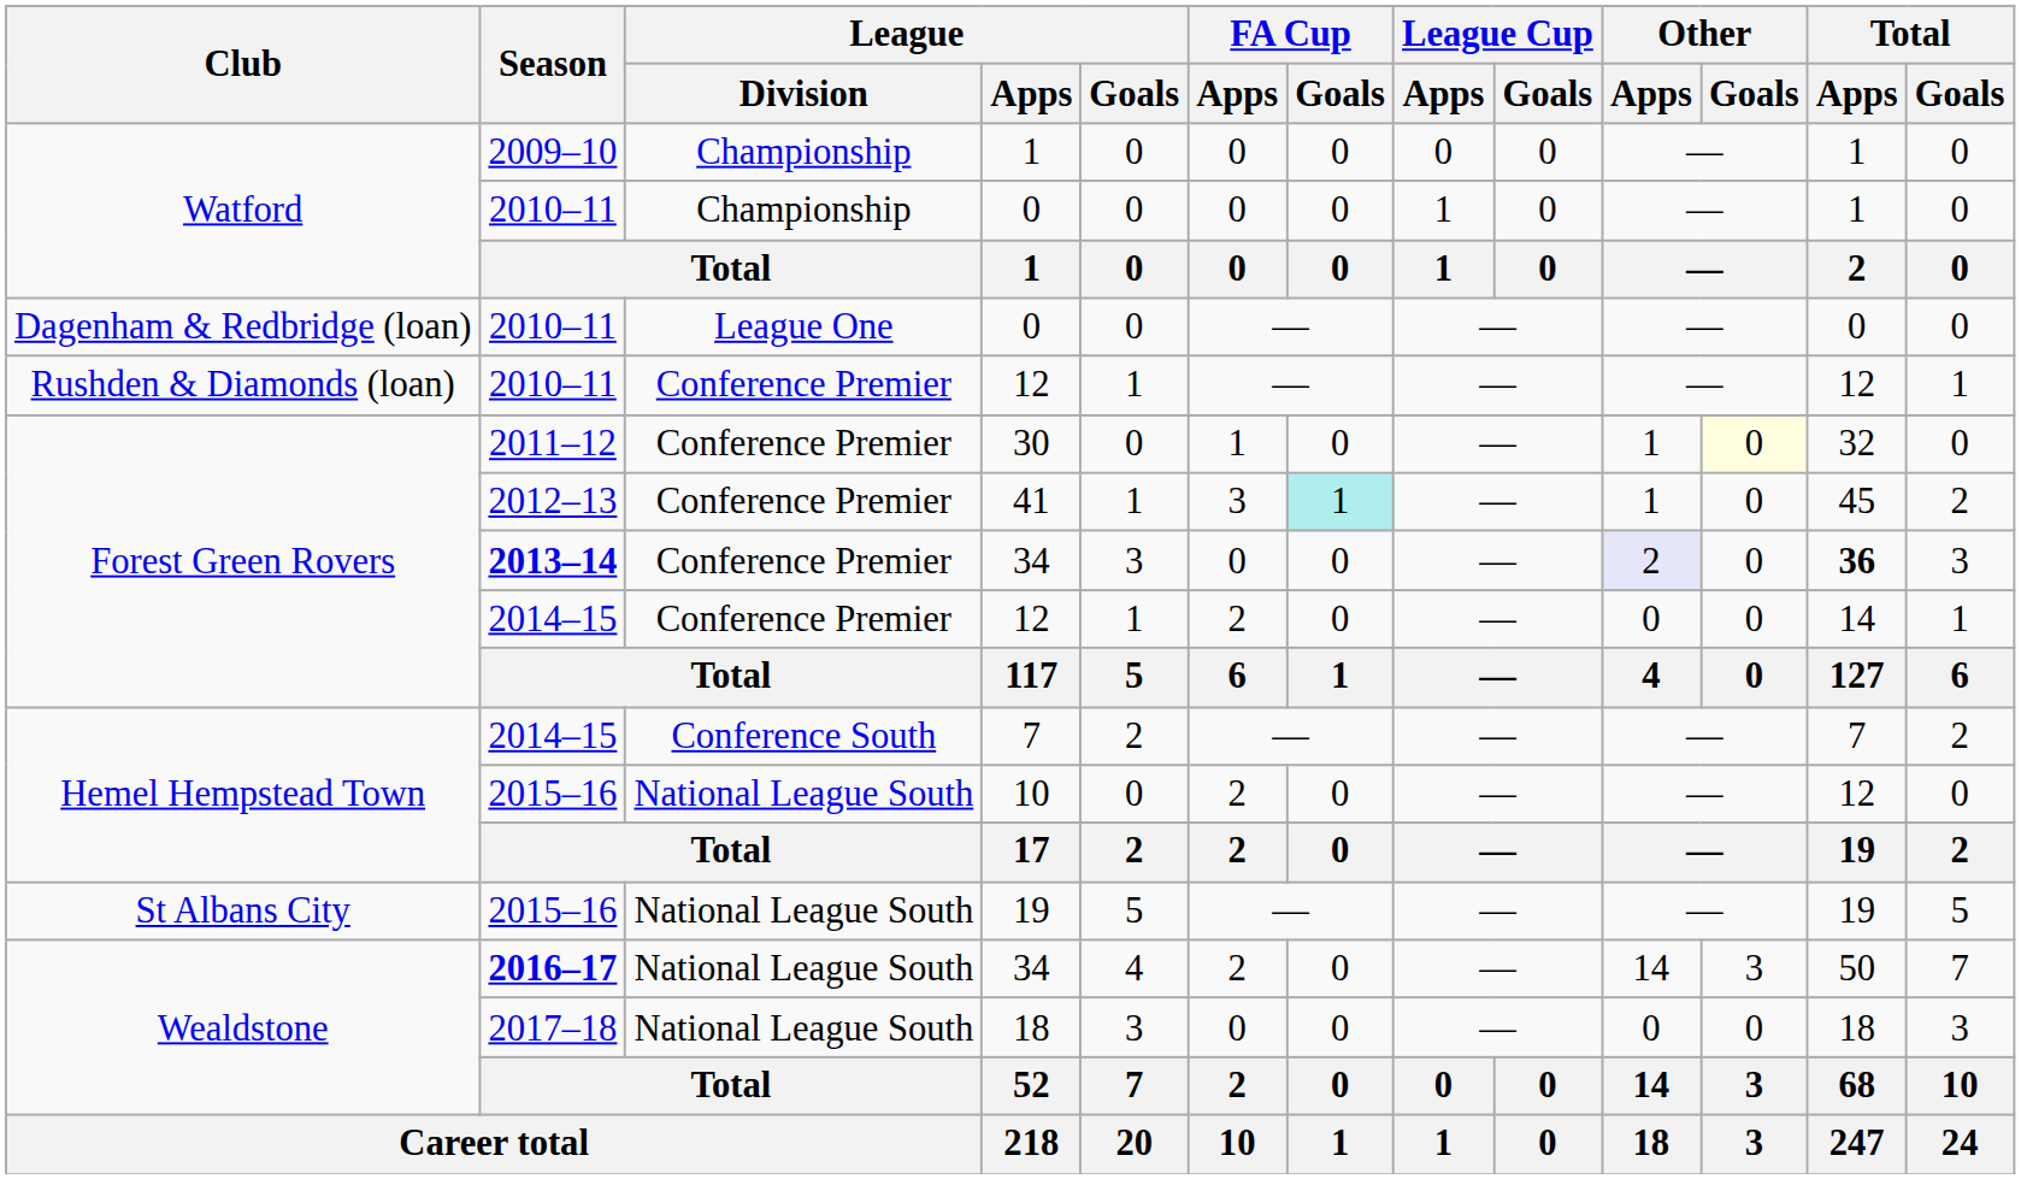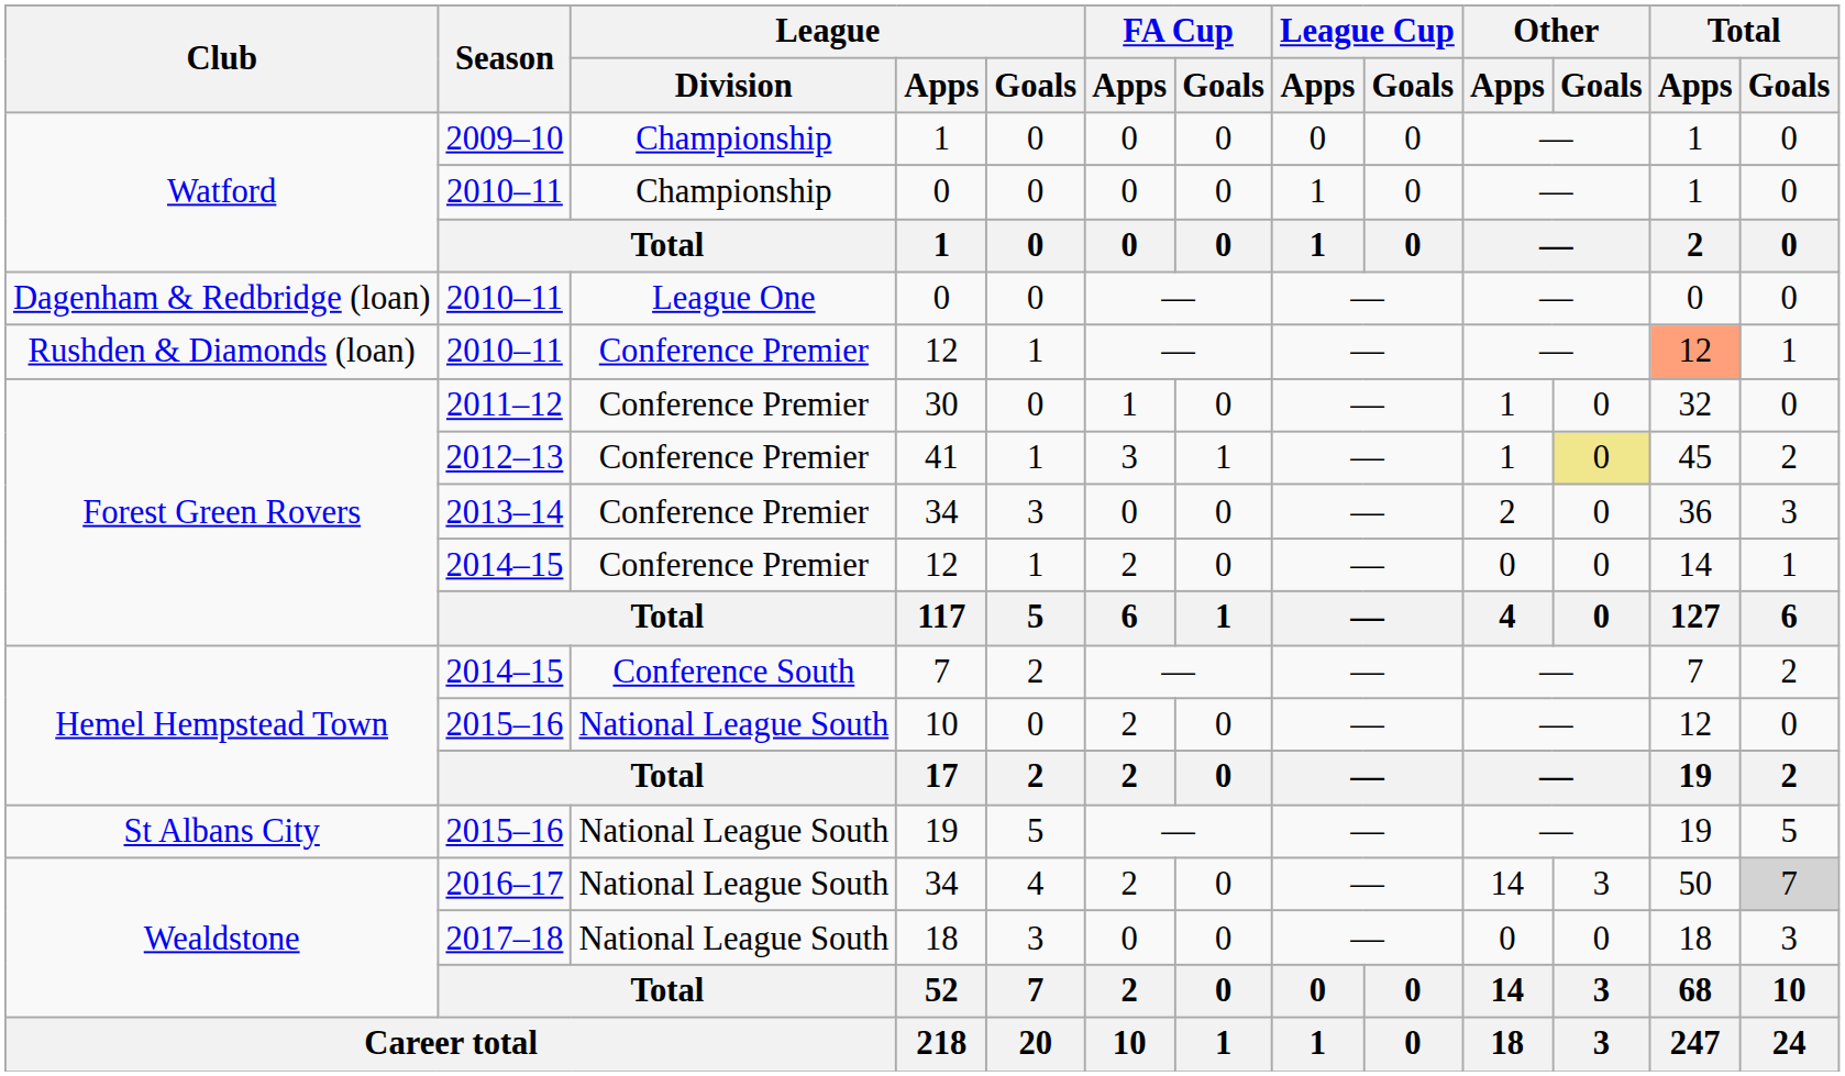 <table class="wikitable" style="text-align: center">
 <tr>
 <th rowspan="2">Club</th>
 <th rowspan="2">Season</th>
 <th colspan="3">League</th>
 <th colspan="2"><a href='#'>FA Cup</a></th>
 <th colspan="2"><a href='#'>League Cup</a></th>
 <th colspan="2">Other</th>
 <th colspan="2">Total</th>
 </tr>
 <tr>
 <th>Division</th>
 <th>Apps</th>
 <th>Goals</th>
 <th>Apps</th>
 <th>Goals</th>
 <th>Apps</th>
 <th>Goals</th>
 <th>Apps</th>
 <th>Goals</th>
 <th>Apps</th>
 <th>Goals</th>
 </tr>
 <tr>
 <td rowspan=3><a href='#'>Watford</a></td>
 <td><a href='#'>2009–10</a></td>
 <td><a href='#'>Championship</a></td>
 <td>1</td>
 <td>0</td>
 <td>0</td>
 <td>0</td>
 <td>0</td>
 <td>0</td>
 <td colspan=2>—</td>
 <td>1</td>
 <td>0</td>
 </tr>
 <tr>
 <td><a href='#'>2010–11</a></td>
 <td>Championship</td>
 <td>0</td>
 <td>0</td>
 <td>0</td>
 <td>0</td>
 <td>1</td>
 <td>0</td>
 <td colspan=2>—</td>
 <td>1</td>
 <td>0</td>
 </tr>
 <tr>
 <th colspan="2">Total</th>
 <th>1</th>
 <th>0</th>
 <th>0</th>
 <th>0</th>
 <th>1</th>
 <th>0</th>
 <th colspan=2>—</th>
 <th>2</th>
 <th>0</th>
 </tr>
 <tr>
 <td><a href='#'>Dagenham & Redbridge</a> (loan)</td>
 <td><a href='#'>2010–11</a></td>
 <td><a href='#'>League One</a></td>
 <td>0</td>
 <td>0</td>
 <td colspan=2>—</td>
 <td colspan=2>—</td>
 <td colspan=2>—</td>
 <td>0</td>
 <td>0</td>
 </tr>
 <tr>
 <td><a href='#'>Rushden & Diamonds</a> (loan)</td>
 <td><a href='#'>2010–11</a></td>
 <td><a href='#'>Conference Premier</a></td>
 <td>12</td>
 <td>1</td>
 <td colspan=2>—</td>
 <td colspan=2>—</td>
 <td colspan=2>—</td>
-<td>12</td>
+<td style="background: lightsalmon;">12</td>
 <td>1</td>
 </tr>
 <tr>
 <td rowspan=5><a href='#'>Forest Green Rovers</a></td>
 <td><a href='#'>2011–12</a></td>
 <td>Conference Premier</td>
 <td>30</td>
 <td>0</td>
 <td>1</td>
 <td>0</td>
 <td colspan=2>—</td>
 <td>1</td>
-<td style="background: lightyellow;">0</td>
+<td>0</td>
 <td>32</td>
 <td>0</td>
 </tr>
 <tr>
 <td><a href='#'>2012–13</a></td>
 <td>Conference Premier</td>
 <td>41</td>
 <td>1</td>
 <td>3</td>
-<td style="background: paleturquoise;">1</td>
+<td>1</td>
 <td colspan=2>—</td>
 <td>1</td>
-<td>0</td>
+<td style="background: khaki;">0</td>
 <td>45</td>
 <td>2</td>
 </tr>
 <tr>
-<td><strong><a href='#'>2013–14</a></strong></td>
+<td><a href='#'>2013–14</a></td>
 <td>Conference Premier</td>
 <td>34</td>
 <td>3</td>
 <td>0</td>
 <td>0</td>
 <td colspan=2>—</td>
-<td style="background: lavender;">2</td>
+<td>2</td>
 <td>0</td>
-<td><strong>36</strong></td>
+<td>36</td>
 <td>3</td>
 </tr>
 <tr>
 <td><a href='#'>2014–15</a></td>
 <td>Conference Premier</td>
 <td>12</td>
 <td>1</td>
 <td>2</td>
 <td>0</td>
 <td colspan=2>—</td>
 <td>0</td>
 <td>0</td>
 <td>14</td>
 <td>1</td>
 </tr>
 <tr>
 <th colspan="2">Total</th>
 <th>117</th>
 <th>5</th>
 <th>6</th>
 <th>1</th>
 <th colspan=2>—</th>
 <th>4</th>
 <th>0</th>
 <th>127</th>
 <th>6</th>
 </tr>
 <tr>
 <td rowspan=3><a href='#'>Hemel Hempstead Town</a></td>
 <td><a href='#'>2014–15</a></td>
 <td><a href='#'>Conference South</a></td>
 <td>7</td>
 <td>2</td>
 <td colspan=2>—</td>
 <td colspan=2>—</td>
 <td colspan=2>—</td>
 <td>7</td>
 <td>2</td>
 </tr>
 <tr>
 <td><a href='#'>2015–16</a></td>
 <td><a href='#'>National League South</a></td>
 <td>10</td>
 <td>0</td>
 <td>2</td>
 <td>0</td>
 <td colspan=2>—</td>
 <td colspan=2>—</td>
 <td>12</td>
 <td>0</td>
 </tr>
 <tr>
 <th colspan="2">Total</th>
 <th>17</th>
 <th>2</th>
 <th>2</th>
 <th>0</th>
 <th colspan=2>—</th>
 <th colspan=2>—</th>
 <th>19</th>
 <th>2</th>
 </tr>
 <tr>
 <td><a href='#'>St Albans City</a></td>
 <td><a href='#'>2015–16</a></td>
 <td>National League South</td>
 <td>19</td>
 <td>5</td>
 <td colspan=2>—</td>
 <td colspan=2>—</td>
 <td colspan=2>—</td>
 <td>19</td>
 <td>5</td>
 </tr>
 <tr>
 <td rowspan="3"><a href='#'>Wealdstone</a></td>
-<td><strong><a href='#'>2016–17</a></strong></td>
+<td><a href='#'>2016–17</a></td>
 <td>National League South</td>
 <td>34</td>
 <td>4</td>
 <td>2</td>
 <td>0</td>
 <td colspan="2">—</td>
 <td>14</td>
 <td>3</td>
 <td>50</td>
-<td>7</td>
+<td style="background: lightgrey;">7</td>
 </tr>
 <tr>
 <td><a href='#'>2017–18</a></td>
 <td>National League South</td>
 <td>18</td>
 <td>3</td>
 <td>0</td>
 <td>0</td>
 <td colspan="2">—</td>
 <td>0</td>
 <td>0</td>
 <td>18</td>
 <td>3</td>
 </tr>
 <tr>
 <th colspan="2">Total</th>
 <th>52</th>
 <th>7</th>
 <th>2</th>
 <th>0</th>
 <th>0</th>
 <th>0</th>
 <th>14</th>
 <th>3</th>
 <th>68</th>
 <th>10</th>
 </tr>
 <tr>
 <th colspan="3">Career total</th>
 <th>218</th>
 <th>20</th>
 <th>10</th>
 <th>1</th>
 <th>1</th>
 <th>0</th>
 <th>18</th>
 <th>3</th>
 <th>247</th>
 <th>24</th>
 </tr>
 </table>
